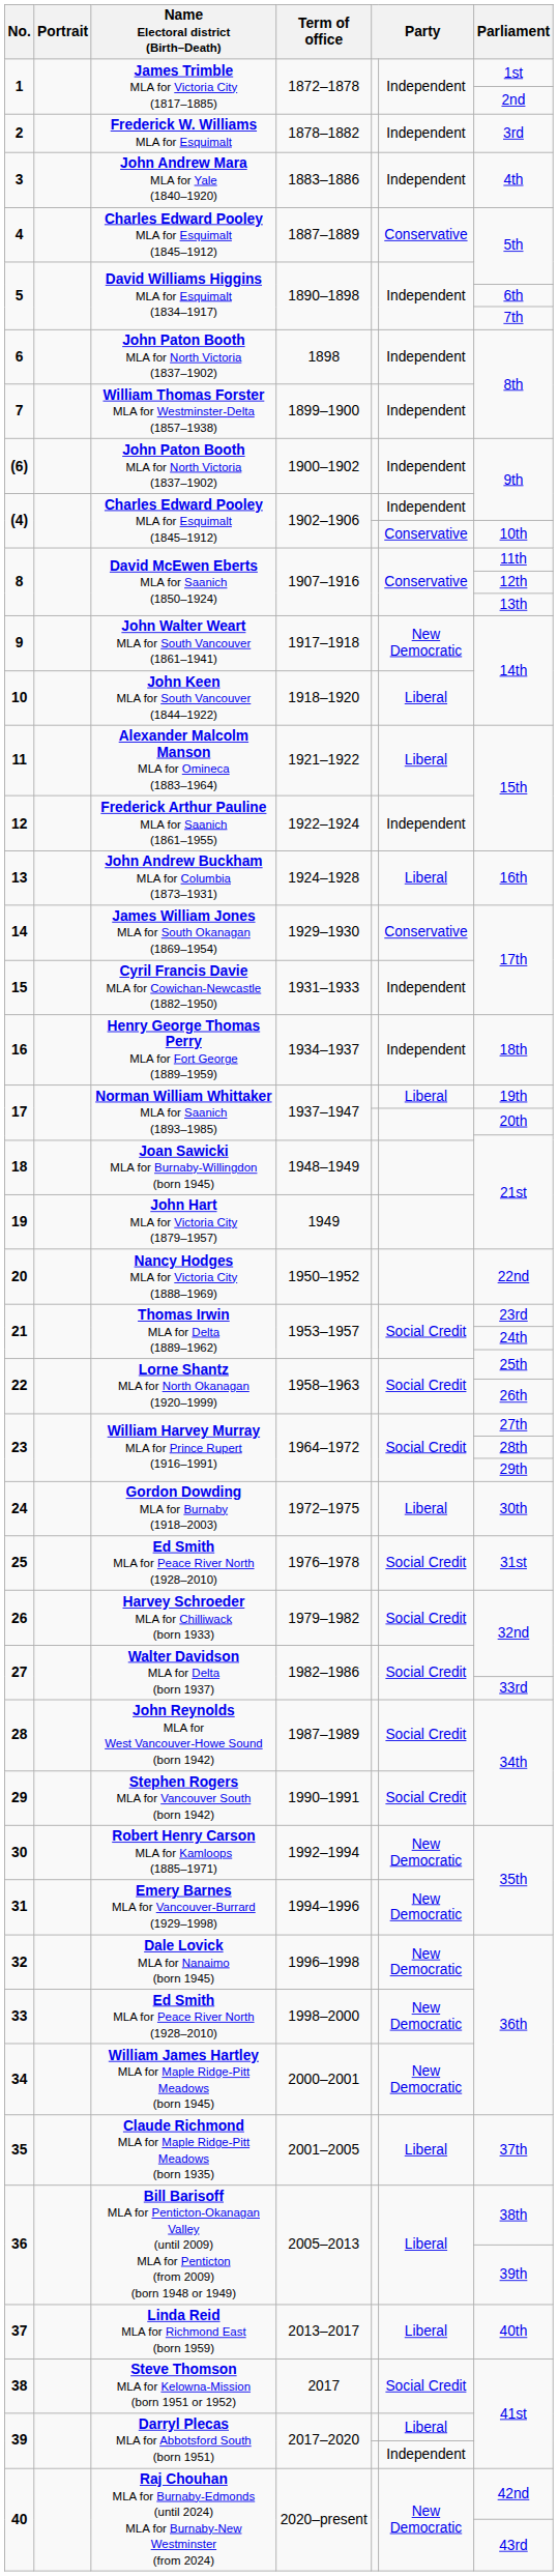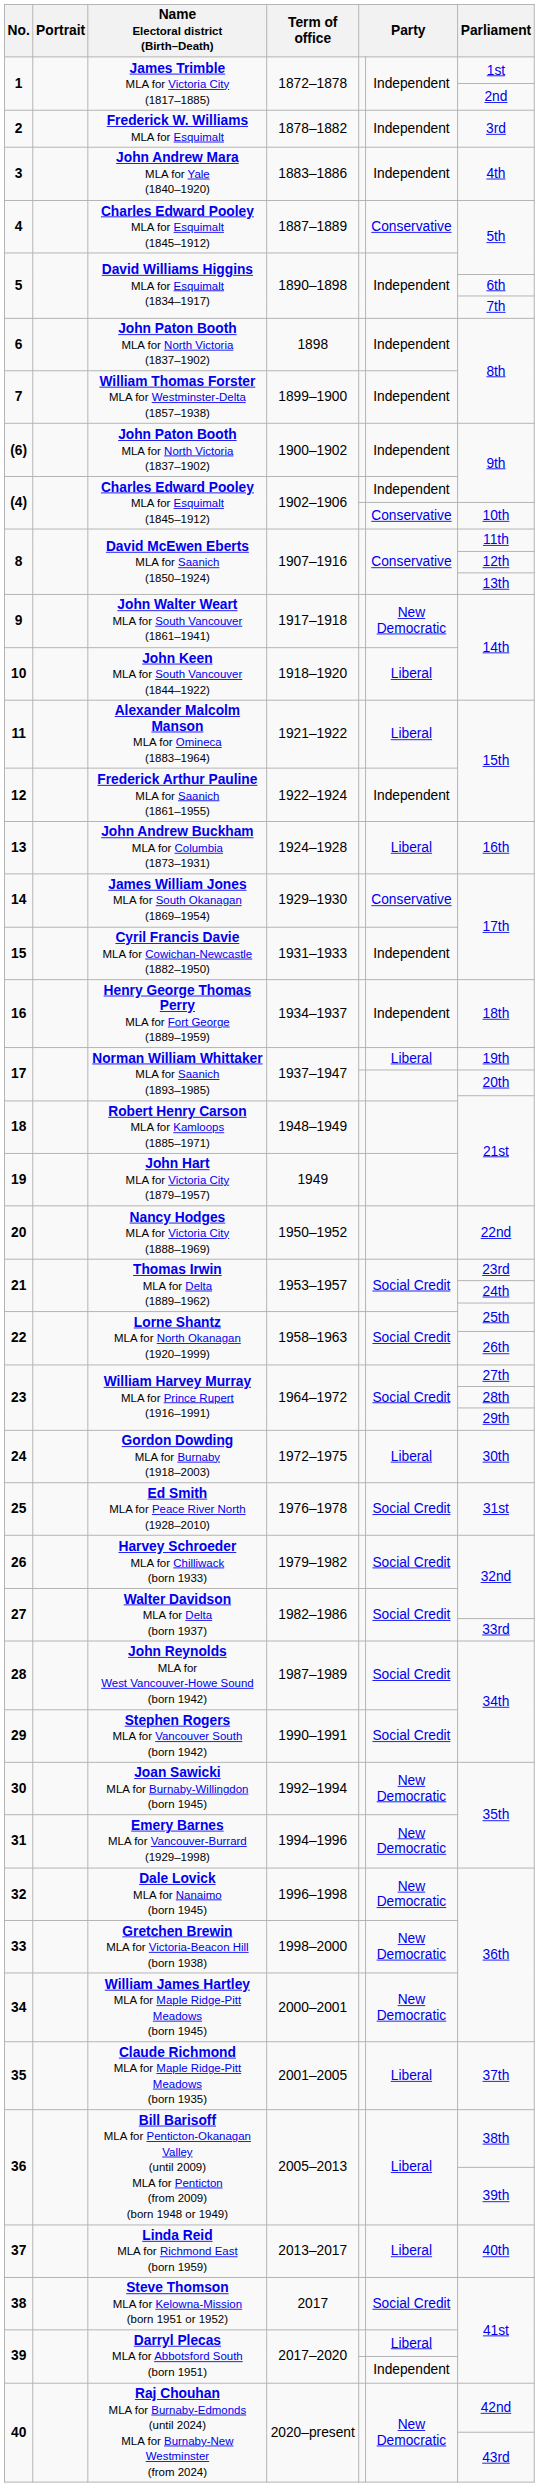 <table class="wikitable" style="text-align:center">
 <tr>
 <th>No.</th>
 <th scope="col">Portrait</th>
 <th scope="col" width="200px">Name<br><small>Electoral district<br>(Birth–Death)</small></th>
 <th scope="col" width="100px">Term of office</th>
 <th colspan="2">Party</th>
 <th>Parliament</th>
 </tr>
 <tr>
 <td rowspan="2"><strong>1</strong></td>
 <td rowspan="2"></td>
 <td rowspan="2"><a href='#'><strong>James Trimble</strong></a><br><small>MLA for <a href='#'>Victoria City</a></small><br><small>(1817–1885)</small></td>
 <td rowspan="2">1872–1878</td>
 <td rowspan="2" style="background:"></td>
 <td rowspan="2" width="100px">Independent</td>
 <td><a href='#'>1st</a></td>
 </tr>
 <tr>
 <td><a href='#'>2nd</a></td>
 </tr>
 <tr>
 <td><strong>2</strong></td>
 <td></td>
 <td><strong><a href='#'>Frederick W. Williams</a></strong><br><small>MLA for <a href='#'>Esquimalt</a></small></td>
 <td>1878–1882</td>
 <td style="background:"></td>
 <td>Independent</td>
 <td><a href='#'>3rd</a></td>
 </tr>
 <tr>
 <td><strong>3</strong></td>
 <td></td>
 <td><strong><a href='#'>John Andrew Mara</a></strong><br><small>MLA for <a href='#'>Yale</a></small><br><small>(1840–1920)</small></td>
 <td>1883–1886</td>
 <td style="background:"></td>
 <td>Independent</td>
 <td><a href='#'>4th</a></td>
 </tr>
 <tr>
 <td><strong>4</strong></td>
 <td></td>
 <td><strong><a href='#'>Charles Edward Pooley</a></strong><br><small>MLA for <a href='#'>Esquimalt</a></small><br><small>(1845–1912)</small></td>
 <td>1887–1889</td>
 <td style="background:"></td>
 <td><a href='#'>Conservative</a></td>
 <td rowspan="2"><a href='#'>5th</a></td>
 </tr>
 <tr style="height:25px">
 <td rowspan="3"><strong>5</strong></td>
 <td rowspan="3"></td>
 <td rowspan="3"><strong><a href='#'>David Williams Higgins</a></strong><br><small>MLA for <a href='#'>Esquimalt</a></small><br><small>(1834–1917)</small></td>
 <td rowspan="3">1890–1898</td>
 <td rowspan="3" style="background:"></td>
 <td rowspan="3">Independent</td>
 </tr>
 <tr>
 <td><a href='#'>6th</a></td>
 </tr>
 <tr>
 <td><a href='#'>7th</a></td>
 </tr>
 <tr>
 <td><strong>6</strong></td>
 <td></td>
 <td><strong><a href='#'>John Paton Booth</a></strong><br><small>MLA for <a href='#'>North Victoria</a></small><br><small>(1837–1902)</small></td>
 <td>1898</td>
 <td style="background:"></td>
 <td>Independent</td>
 <td rowspan="2"><a href='#'>8th</a></td>
 </tr>
 <tr>
 <td><strong>7</strong></td>
 <td></td>
 <td><strong><a href='#'>William Thomas Forster</a></strong><br><small>MLA for <a href='#'>Westminster-Delta</a></small><br><small>(1857–1938)</small></td>
 <td>1899–1900</td>
 <td style="background:"></td>
 <td>Independent</td>
 </tr>
 <tr>
 <td><strong>(6)</strong></td>
 <td></td>
 <td><strong><a href='#'>John Paton Booth</a></strong><br><small>MLA for <a href='#'>North Victoria</a></small><br><small>(1837–1902)</small></td>
 <td>1900–1902</td>
 <td style="background:"></td>
 <td>Independent</td>
 <td rowspan="2"><a href='#'>9th</a></td>
 </tr>
 <tr>
 <td rowspan="2"><strong>(4)</strong></td>
 <td rowspan="2"></td>
 <td rowspan="2"><strong><a href='#'>Charles Edward Pooley</a></strong><br><small>MLA for <a href='#'>Esquimalt</a></small><br><small>(1845–1912)</small></td>
 <td rowspan="2">1902–1906</td>
 <td style="background:"></td>
 <td>Independent</td>
 </tr>
 <tr>
 <td style="background:"></td>
 <td><a href='#'>Conservative</a></td>
 <td><a href='#'>10th</a></td>
 </tr>
 <tr>
 <td rowspan="3"><strong>8</strong></td>
 <td rowspan="3"></td>
 <td rowspan="3"><strong><a href='#'>David McEwen Eberts</a></strong><br><small>MLA for <a href='#'>Saanich</a></small><br><small>(1850–1924)</small></td>
 <td rowspan="3">1907–1916</td>
 <td rowspan="3" style="background:"></td>
 <td rowspan="3"><a href='#'>Conservative</a></td>
 <td><a href='#'>11th</a></td>
 </tr>
 <tr>
 <td><a href='#'>12th</a></td>
 </tr>
 <tr>
 <td><a href='#'>13th</a></td>
 </tr>
 <tr>
 <td><strong>9</strong></td>
 <td></td>
 <td><strong><a href='#'>John Walter Weart</a></strong><br><small>MLA for <a href='#'>South Vancouver</a></small><br><small>(1861–1941)</small></td>
 <td>1917–1918</td>
 <td style="background:"></td>
 <td><a href='#'>New Democratic</a></td>
 <td rowspan="2"><a href='#'>14th</a></td>
 </tr>
 <tr>
 <td><strong>10</strong></td>
 <td></td>
 <td><a href='#'><strong>John Keen</strong></a><br><small>MLA for <a href='#'>South Vancouver</a></small><br><small>(1844–1922)</small></td>
 <td>1918–1920</td>
 <td style="background:"></td>
 <td><a href='#'>Liberal</a></td>
 </tr>
 <tr>
 <td><strong>11</strong></td>
 <td></td>
 <td><strong><a href='#'>Alexander Malcolm Manson</a></strong><br><small>MLA for <a href='#'>Omineca</a></small><br><small>(1883–1964)</small></td>
 <td>1921–1922</td>
 <td style="background:"></td>
 <td><a href='#'>Liberal</a></td>
 <td rowspan="2"><a href='#'>15th</a></td>
 </tr>
 <tr>
 <td><strong>12</strong></td>
 <td></td>
 <td><strong><a href='#'>Frederick Arthur Pauline</a></strong><br><small>MLA for <a href='#'>Saanich</a></small><br><small>(1861–1955)</small></td>
 <td>1922–1924</td>
 <td style="background:"></td>
 <td>Independent</td>
 </tr>
 <tr>
 <td><strong>13</strong></td>
 <td></td>
 <td><strong><a href='#'>John Andrew Buckham</a></strong><br><small>MLA for <a href='#'>Columbia</a></small><br><small>(1873–1931)</small></td>
 <td>1924–1928</td>
 <td style="background:"></td>
 <td><a href='#'>Liberal</a></td>
 <td><a href='#'>16th</a></td>
 </tr>
 <tr>
 <td><strong>14</strong></td>
 <td></td>
 <td><strong><a href='#'>James William Jones</a></strong><br><small>MLA for <a href='#'>South Okanagan</a></small><br><small>(1869–1954)</small></td>
 <td>1929–1930</td>
 <td style="background:"></td>
 <td><a href='#'>Conservative</a></td>
 <td rowspan="2"><a href='#'>17th</a></td>
 </tr>
 <tr>
 <td><strong>15</strong></td>
 <td></td>
 <td><strong><a href='#'>Cyril Francis Davie</a></strong><br><small>MLA for <a href='#'>Cowichan-Newcastle</a></small><br><small>(1882–1950)</small></td>
 <td>1931–1933</td>
 <td style="background:"></td>
 <td>Independent</td>
 </tr>
 <tr>
 <td><strong>16</strong></td>
 <td></td>
 <td><strong><a href='#'>Henry George Thomas Perry</a></strong><br><small>MLA for <a href='#'>Fort George</a></small><br><small>(1889–1959)</small></td>
 <td>1934–1937</td>
 <td style="background:"></td>
 <td>Independent</td>
 <td><a href='#'>18th</a></td>
 </tr>
 <tr>
 <td rowspan="3"><strong>17</strong></td>
 <td rowspan="3"></td>
 <td rowspan="3"><strong><a href='#'>Norman William Whittaker</a></strong><br><small>MLA for <a href='#'>Saanich</a></small><br><small>(1893–1985)</small></td>
 <td rowspan="3">1937–1947</td>
 <td style="background:"></td>
 <td><a href='#'>Liberal</a></td>
 <td><a href='#'>19th</a></td>
 </tr>
 <tr>
 <td rowspan="2" style="background:"></td>
 <td rowspan="2"></td>
 <td><a href='#'>20th</a></td>
 </tr>
 <tr>
 <td rowspan="3"><a href='#'>21st</a></td>
 </tr>
 <tr>
 <td><strong>18</strong></td>
 <td></td>
-<td><strong><a href='#'>Joan Sawicki</a></strong><br><small>MLA for <a href='#'>Burnaby-Willingdon</a></small><br><small>(born 1945)</small></td>
+<td><strong><a href='#'>Robert Henry Carson</a></strong><br><small>MLA for <a href='#'>Kamloops</a></small><br><small>(1885–1971)</small></td>
 <td>1948–1949</td>
 <td style="background:"></td>
 <td></td>
 </tr>
 <tr>
 <td><strong>19</strong></td>
 <td></td>
 <td><a href='#'><strong>John Hart</strong></a><br><small>MLA for <a href='#'>Victoria City</a></small><br><small>(1879–1957)</small></td>
 <td>1949</td>
 <td style="background:"></td>
 <td></td>
 </tr>
 <tr>
 <td><strong>20</strong></td>
 <td></td>
 <td><strong><a href='#'>Nancy Hodges</a></strong><br><small>MLA for <a href='#'>Victoria City</a></small><br><small>(1888–1969)</small></td>
 <td>1950–1952</td>
 <td style="background:"></td>
 <td></td>
 <td><a href='#'>22nd</a></td>
 </tr>
 <tr>
 <td rowspan="3"><strong>21</strong></td>
 <td rowspan="3"></td>
 <td rowspan="3"><a href='#'><strong>Thomas Irwin</strong></a><br><small>MLA for <a href='#'>Delta</a></small><br><small>(1889–1962)</small></td>
 <td rowspan="3">1953–1957</td>
 <td rowspan="3" style="background:"></td>
 <td rowspan="3"><a href='#'>Social Credit</a></td>
 <td><a href='#'>23rd</a></td>
 </tr>
 <tr>
 <td><a href='#'>24th</a></td>
 </tr>
 <tr>
 <td rowspan="2"><a href='#'>25th</a></td>
 </tr>
 <tr>
 <td rowspan="2"><strong>22</strong></td>
 <td rowspan="2"></td>
 <td rowspan="2"><strong><a href='#'>Lorne Shantz</a></strong><br><small>MLA for <a href='#'>North Okanagan</a></small><br><small>(1920–1999)</small></td>
 <td rowspan="2">1958–1963</td>
 <td rowspan="2" style="background:"></td>
 <td rowspan="2"><a href='#'>Social Credit</a></td>
 </tr>
 <tr>
 <td><a href='#'>26th</a></td>
 </tr>
 <tr>
 <td rowspan="3"><strong>23</strong></td>
 <td rowspan="3"></td>
 <td rowspan="3"><strong><a href='#'>William Harvey Murray</a></strong><br><small>MLA for <a href='#'>Prince Rupert</a></small><br><small>(1916–1991)</small></td>
 <td rowspan="3">1964–1972</td>
 <td rowspan="3" style="background:"></td>
 <td rowspan="3"><a href='#'>Social Credit</a></td>
 <td><a href='#'>27th</a></td>
 </tr>
 <tr>
 <td><a href='#'>28th</a></td>
 </tr>
 <tr>
 <td><a href='#'>29th</a></td>
 </tr>
 <tr>
 <td><strong>24</strong></td>
 <td></td>
 <td><strong><a href='#'>Gordon Dowding</a></strong><br><small>MLA for <a href='#'>Burnaby</a></small><br><small>(1918–2003)</small></td>
 <td>1972–1975</td>
 <td style="background:"></td>
 <td><a href='#'>Liberal</a></td>
 <td><a href='#'>30th</a></td>
 </tr>
 <tr>
 <td><strong>25</strong></td>
 <td></td>
 <td><a href='#'><strong>Ed Smith</strong></a><br><small>MLA for <a href='#'>Peace River North</a></small><br><small>(1928–2010)</small></td>
 <td>1976–1978</td>
 <td style="background:"></td>
 <td><a href='#'>Social Credit</a></td>
 <td><a href='#'>31st</a></td>
 </tr>
 <tr>
 <td><strong>26</strong></td>
 <td></td>
 <td><strong><a href='#'>Harvey Schroeder</a></strong><br><small>MLA for <a href='#'>Chilliwack</a></small><br><small>(born 1933)</small></td>
 <td>1979–1982</td>
 <td style="background:"></td>
 <td><a href='#'>Social Credit</a></td>
 <td rowspan="2"><a href='#'>32nd</a></td>
 </tr>
 <tr style="height:35px">
 <td rowspan="2"><strong>27</strong></td>
 <td rowspan="2"></td>
 <td rowspan="2"><a href='#'><strong>Walter Davidson</strong></a><br><small>MLA for <a href='#'>Delta</a></small><br><small>(born 1937)</small></td>
 <td rowspan="2">1982–1986</td>
 <td rowspan="2" style="background:"></td>
 <td rowspan="2"><a href='#'>Social Credit</a></td>
 </tr>
 <tr>
 <td><a href='#'>33rd</a></td>
 </tr>
 <tr>
 <td><strong>28</strong></td>
 <td></td>
 <td><a href='#'><strong>John Reynolds</strong></a><br><small>MLA for<br><a href='#'>West Vancouver-Howe Sound</a></small><br><small>(born 1942)</small></td>
 <td>1987–1989</td>
 <td style="background:"></td>
 <td><a href='#'>Social Credit</a></td>
 <td rowspan="2"><a href='#'>34th</a></td>
 </tr>
 <tr>
 <td><strong>29</strong></td>
 <td></td>
 <td><a href='#'><strong>Stephen Rogers</strong></a><br><small>MLA for <a href='#'>Vancouver South</a></small><br><small>(born 1942)</small></td>
 <td>1990–1991</td>
 <td style="background:"></td>
 <td><a href='#'>Social Credit</a></td>
 </tr>
 <tr>
 <td><strong>30</strong></td>
 <td></td>
-<td><strong><a href='#'>Robert Henry Carson</a></strong><br><small>MLA for <a href='#'>Kamloops</a></small><br><small>(1885–1971)</small></td>
+<td><strong><a href='#'>Joan Sawicki</a></strong><br><small>MLA for <a href='#'>Burnaby-Willingdon</a></small><br><small>(born 1945)</small></td>
 <td>1992–1994</td>
 <td style="background:"></td>
 <td><a href='#'>New Democratic</a></td>
 <td rowspan="2"><a href='#'>35th</a></td>
 </tr>
 <tr>
 <td><strong>31</strong></td>
 <td></td>
 <td><strong><a href='#'>Emery Barnes</a></strong><br><small>MLA for <a href='#'>Vancouver-Burrard</a></small><br><small>(1929–1998)</small></td>
 <td>1994–1996</td>
 <td style="background:"></td>
 <td><a href='#'>New Democratic</a></td>
 </tr>
 <tr>
 <td><strong>32</strong></td>
 <td></td>
 <td><strong><a href='#'>Dale Lovick</a></strong><br><small>MLA for <a href='#'>Nanaimo</a></small><br><small>(born 1945)</small></td>
 <td>1996–1998</td>
 <td style="background:"></td>
 <td><a href='#'>New Democratic</a></td>
 <td rowspan="3"><a href='#'>36th</a></td>
 </tr>
 <tr>
 <td><strong>33</strong></td>
 <td></td>
-<td><a href='#'><strong>Ed Smith</strong></a><br><small>MLA for <a href='#'>Peace River North</a></small><br><small>(1928–2010)</small></td>
+<td><strong><a href='#'>Gretchen Brewin</a></strong><br><small>MLA for <a href='#'>Victoria-Beacon Hill</a></small><br><small>(born 1938)</small></td>
 <td>1998–2000</td>
 <td style="background:"></td>
 <td><a href='#'>New Democratic</a></td>
 </tr>
 <tr>
 <td><strong>34</strong></td>
 <td></td>
 <td><strong><a href='#'>William James Hartley</a></strong><br><small>MLA for <a href='#'>Maple Ridge-Pitt Meadows</a></small><br><small>(born 1945)</small></td>
 <td>2000–2001</td>
 <td style="background:"></td>
 <td><a href='#'>New Democratic</a></td>
 </tr>
 <tr>
 <td><strong>35</strong></td>
 <td></td>
 <td><strong><a href='#'>Claude Richmond</a></strong><br><small>MLA for <a href='#'>Maple Ridge-Pitt Meadows</a></small><br><small>(born 1935)</small></td>
 <td>2001–2005</td>
 <td style="background:"></td>
 <td><a href='#'>Liberal</a></td>
 <td><a href='#'>37th</a></td>
 </tr>
 <tr>
 <td rowspan="2"><strong>36</strong></td>
 <td rowspan="2"></td>
 <td rowspan="2"><strong><a href='#'>Bill Barisoff</a></strong><br><small>MLA for <a href='#'>Penticton-Okanagan Valley</a><br>(until 2009)<br>MLA for <a href='#'>Penticton</a><br>(from 2009)</small><br><small>(born 1948 or 1949)</small></td>
 <td rowspan="2">2005–2013</td>
 <td rowspan="2" style="background:"></td>
 <td rowspan="2"><a href='#'>Liberal</a></td>
 <td><a href='#'>38th</a></td>
 </tr>
 <tr>
 <td><a href='#'>39th</a></td>
 </tr>
 <tr>
 <td><strong>37</strong></td>
 <td></td>
 <td><strong><a href='#'>Linda Reid</a></strong><br><small>MLA for <a href='#'>Richmond East</a></small><br><small>(born 1959)</small></td>
 <td>2013–2017</td>
 <td style="background:"></td>
 <td><a href='#'>Liberal</a></td>
 <td><a href='#'>40th</a></td>
 </tr>
 <tr>
 <td><strong>38</strong></td>
 <td></td>
 <td><a href='#'><strong>Steve Thomson</strong></a><br><small>MLA for <a href='#'>Kelowna-Mission</a></small><br><small>(born 1951 or 1952)</small></td>
 <td>2017</td>
 <td style="background:"></td>
 <td><a href='#'>Social Credit</a></td>
 <td rowspan="3"><a href='#'>41st</a></td>
 </tr>
 <tr>
 <td rowspan="2"><strong>39</strong></td>
 <td rowspan="2"></td>
 <td rowspan="2"><strong><a href='#'>Darryl Plecas</a></strong><br><small>MLA for <a href='#'>Abbotsford South</a></small><br><small>(born 1951)</small></td>
 <td rowspan="2">2017–2020</td>
 <td style="background:"></td>
 <td><a href='#'>Liberal</a></td>
 </tr>
 <tr>
 <td style="background:"></td>
 <td>Independent</td>
 </tr>
 <tr>
 <td rowspan="2"><strong>40</strong></td>
 <td rowspan="2"></td>
 <td rowspan="2"><strong><a href='#'>Raj Chouhan</a></strong><br><small>MLA for <a href='#'>Burnaby-Edmonds</a><br>(until 2024)<br>MLA for <a href='#'>Burnaby-New Westminster</a><br>(from 2024)</small></td>
 <td rowspan="2">2020–present</td>
 <td rowspan="2" style="background:"></td>
 <td rowspan="2"><a href='#'>New Democratic</a></td>
 <td><a href='#'>42nd</a></td>
 </tr>
 <tr>
 <td><a href='#'>43rd</a></td>
 </tr>
 </table>
